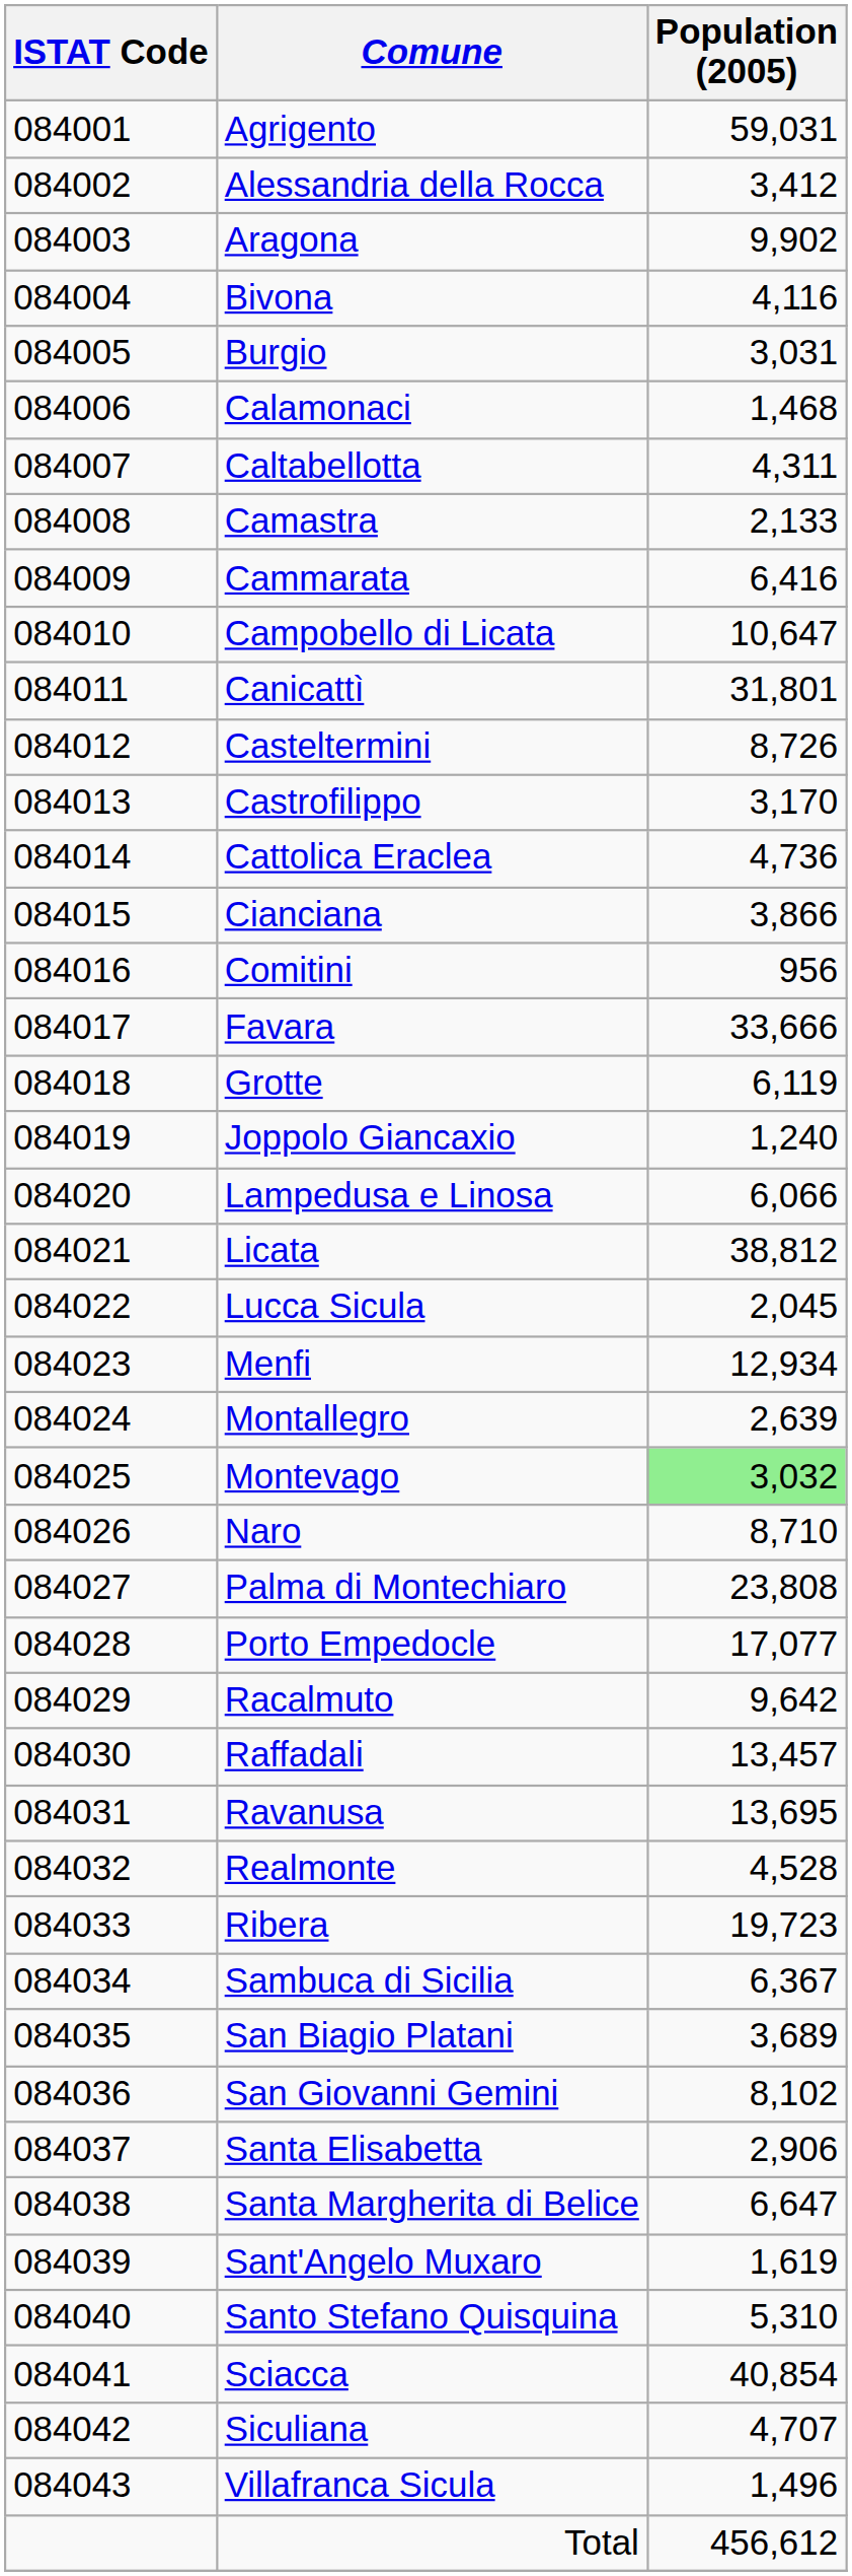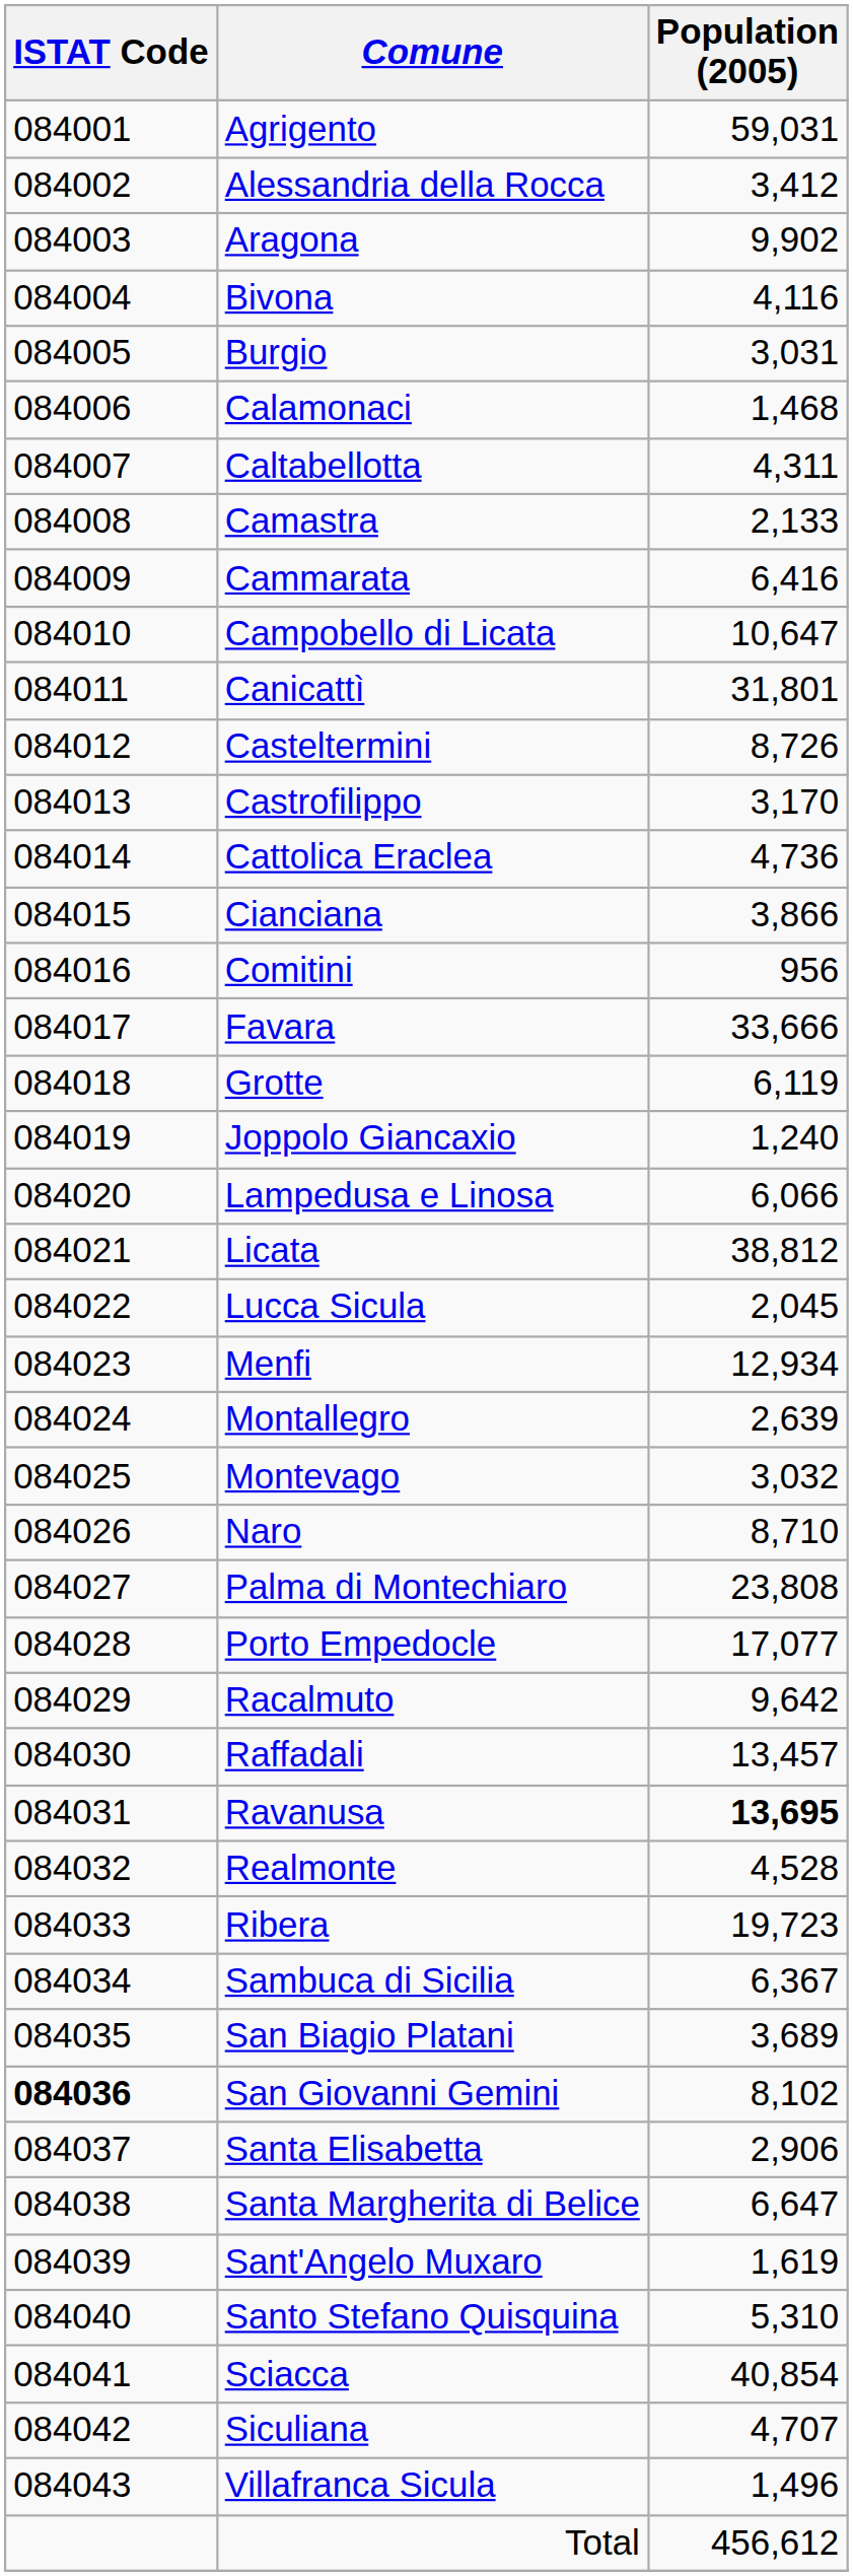 <table class="wikitable sortable">
 <tr>
 <th><a href='#'>ISTAT</a> Code</th>
 <th><em><a href='#'>Comune</a></em></th>
 <th>Population <br>(2005)</th>
 </tr>
 <tr>
 <td>084001</td>
 <td><a href='#'>Agrigento</a></td>
 <td align="right">59,031</td>
 </tr>
 <tr>
 <td>084002</td>
 <td><a href='#'>Alessandria della Rocca</a></td>
 <td align="right">3,412</td>
 </tr>
 <tr>
 <td>084003</td>
 <td><a href='#'>Aragona</a></td>
 <td align="right">9,902</td>
 </tr>
 <tr>
 <td>084004</td>
 <td><a href='#'>Bivona</a></td>
 <td align="right">4,116</td>
 </tr>
 <tr>
 <td>084005</td>
 <td><a href='#'>Burgio</a></td>
 <td align="right">3,031</td>
 </tr>
 <tr>
 <td>084006</td>
 <td><a href='#'>Calamonaci</a></td>
 <td align="right">1,468</td>
 </tr>
 <tr>
 <td>084007</td>
 <td><a href='#'>Caltabellotta</a></td>
 <td align="right">4,311</td>
 </tr>
 <tr>
 <td>084008</td>
 <td><a href='#'>Camastra</a></td>
 <td align="right">2,133</td>
 </tr>
 <tr>
 <td>084009</td>
 <td><a href='#'>Cammarata</a></td>
 <td align="right">6,416</td>
 </tr>
 <tr>
 <td>084010</td>
 <td><a href='#'>Campobello di Licata</a></td>
 <td align="right">10,647</td>
 </tr>
 <tr>
 <td>084011</td>
 <td><a href='#'>Canicattì</a></td>
 <td align="right">31,801</td>
 </tr>
 <tr>
 <td>084012</td>
 <td><a href='#'>Casteltermini</a></td>
 <td align="right">8,726</td>
 </tr>
 <tr>
 <td>084013</td>
 <td><a href='#'>Castrofilippo</a></td>
 <td align="right">3,170</td>
 </tr>
 <tr>
 <td>084014</td>
 <td><a href='#'>Cattolica Eraclea</a></td>
 <td align="right">4,736</td>
 </tr>
 <tr>
 <td>084015</td>
 <td><a href='#'>Cianciana</a></td>
 <td align="right">3,866</td>
 </tr>
 <tr>
 <td>084016</td>
 <td><a href='#'>Comitini</a></td>
 <td align="right">956</td>
 </tr>
 <tr>
 <td>084017</td>
 <td><a href='#'>Favara</a></td>
 <td align="right">33,666</td>
 </tr>
 <tr>
 <td>084018</td>
 <td><a href='#'>Grotte</a></td>
 <td align="right">6,119</td>
 </tr>
 <tr>
 <td>084019</td>
 <td><a href='#'>Joppolo Giancaxio</a></td>
 <td align="right">1,240</td>
 </tr>
 <tr>
 <td>084020</td>
 <td><a href='#'>Lampedusa e Linosa</a></td>
 <td align="right">6,066</td>
 </tr>
 <tr>
 <td>084021</td>
 <td><a href='#'>Licata</a></td>
 <td align="right">38,812</td>
 </tr>
 <tr>
 <td>084022</td>
 <td><a href='#'>Lucca Sicula</a></td>
 <td align="right">2,045</td>
 </tr>
 <tr>
 <td>084023</td>
 <td><a href='#'>Menfi</a></td>
 <td align="right">12,934</td>
 </tr>
 <tr>
 <td>084024</td>
 <td><a href='#'>Montallegro</a></td>
 <td align="right">2,639</td>
 </tr>
 <tr>
 <td>084025</td>
 <td><a href='#'>Montevago</a></td>
-<td align="right" style="background: lightgreen;">3,032</td>
+<td align="right">3,032</td>
 </tr>
 <tr>
 <td>084026</td>
 <td><a href='#'>Naro</a></td>
 <td align="right">8,710</td>
 </tr>
 <tr>
 <td>084027</td>
 <td><a href='#'>Palma di Montechiaro</a></td>
 <td align="right">23,808</td>
 </tr>
 <tr>
 <td>084028</td>
 <td><a href='#'>Porto Empedocle</a></td>
 <td align="right">17,077</td>
 </tr>
 <tr>
 <td>084029</td>
 <td><a href='#'>Racalmuto</a></td>
 <td align="right">9,642</td>
 </tr>
 <tr>
 <td>084030</td>
 <td><a href='#'>Raffadali</a></td>
 <td align="right">13,457</td>
 </tr>
 <tr>
 <td>084031</td>
 <td><a href='#'>Ravanusa</a></td>
-<td align="right">13,695</td>
+<td align="right"><strong>13,695</strong></td>
 </tr>
 <tr>
 <td>084032</td>
 <td><a href='#'>Realmonte</a></td>
 <td align="right">4,528</td>
 </tr>
 <tr>
 <td>084033</td>
 <td><a href='#'>Ribera</a></td>
 <td align="right">19,723</td>
 </tr>
 <tr>
 <td>084034</td>
 <td><a href='#'>Sambuca di Sicilia</a></td>
 <td align="right">6,367</td>
 </tr>
 <tr>
 <td>084035</td>
 <td><a href='#'>San Biagio Platani</a></td>
 <td align="right">3,689</td>
 </tr>
 <tr>
-<td>084036</td>
+<td><strong>084036</strong></td>
 <td><a href='#'>San Giovanni Gemini</a></td>
 <td align="right">8,102</td>
 </tr>
 <tr>
 <td>084037</td>
 <td><a href='#'>Santa Elisabetta</a></td>
 <td align="right">2,906</td>
 </tr>
 <tr>
 <td>084038</td>
 <td><a href='#'>Santa Margherita di Belice</a></td>
 <td align="right">6,647</td>
 </tr>
 <tr>
 <td>084039</td>
 <td><a href='#'>Sant'Angelo Muxaro</a></td>
 <td align="right">1,619</td>
 </tr>
 <tr>
 <td>084040</td>
 <td><a href='#'>Santo Stefano Quisquina</a></td>
 <td align="right">5,310</td>
 </tr>
 <tr>
 <td>084041</td>
 <td><a href='#'>Sciacca</a></td>
 <td align="right">40,854</td>
 </tr>
 <tr>
 <td>084042</td>
 <td><a href='#'>Siculiana</a></td>
 <td align="right">4,707</td>
 </tr>
 <tr>
 <td>084043</td>
 <td><a href='#'>Villafranca Sicula</a></td>
 <td align="right">1,496</td>
 </tr>
 <tr>
 <td></td>
 <td align="right">Total</td>
 <td align="right">456,612</td>
 </tr>
 <tr>
 </tr>
 </table>
